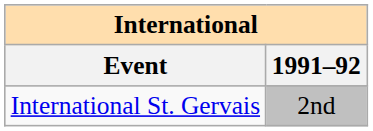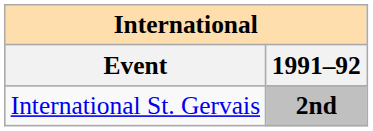 <table class="wikitable" style="text-align:center">
 <tr>
 <th style="background-color: #ffdead; " colspan=2 align=center>International</th>
 </tr>
 <tr>
 <th>Event</th>
 <th>1991–92</th>
 </tr>
 <tr>
 <td align=left><a href='#'>International St. Gervais</a></td>
-<td bgcolor=silver>2nd</td>
+<td bgcolor=silver><strong>2nd</strong></td>
 </tr>
 </table>
